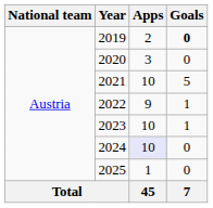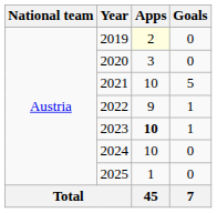 <table class="wikitable" style="text-align:center">
 <tr>
 <th>National team</th>
 <th>Year</th>
 <th>Apps</th>
 <th>Goals</th>
 </tr>
 <tr>
 <td rowspan="7"><a href='#'>Austria</a></td>
 <td>2019</td>
-<td>2</td>
-<td><strong>0</strong></td>
+<td style="background: lightyellow;">2</td>
+<td>0</td>
 </tr>
 <tr>
 <td>2020</td>
 <td>3</td>
 <td>0</td>
 </tr>
 <tr>
 <td>2021</td>
 <td>10</td>
 <td>5</td>
 </tr>
 <tr>
 <td>2022</td>
 <td>9</td>
 <td>1</td>
 </tr>
 <tr>
 <td>2023</td>
-<td>10</td>
+<td><strong>10</strong></td>
 <td>1</td>
 </tr>
 <tr>
 <td>2024</td>
-<td style="background: lavender;">10</td>
+<td>10</td>
 <td>0</td>
 </tr>
 <tr>
 <td>2025</td>
 <td>1</td>
 <td>0</td>
 </tr>
 <tr>
 <th colspan="2">Total</th>
 <th>45</th>
 <th>7</th>
 </tr>
 </table>
